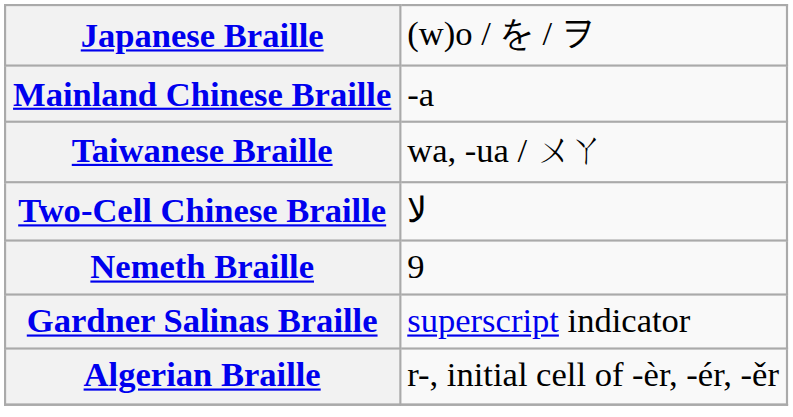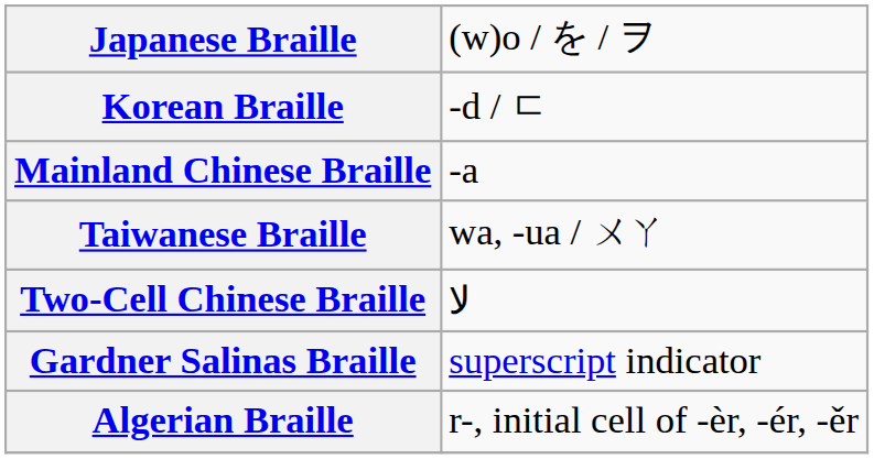 <table class="wikitable">
 <tr>
 <th align=left><a href='#'>Japanese Braille</a></th>
 <td>(w)o / を / ヲ </td>
+</tr>
+<tr>
+<th align=left><a href='#'>Korean Braille</a></th>
+<td>-d / ㄷ </td>
 </tr>
 <tr>
 <th align=left><a href='#'>Mainland Chinese Braille</a></th>
 <td>-a </td>
 </tr>
 <tr>
 <th align=left><a href='#'>Taiwanese Braille</a></th>
 <td>wa, -ua / ㄨㄚ</td>
 </tr>
 <tr>
 <th align=left><a href='#'>Two-Cell Chinese Braille</a></th>
 <td>ﻻ ‎</td>
 </tr>
 <tr>
-<th align=left><a href='#'>Nemeth Braille</a></th>
-<td>9 </td>
-</tr>
-<tr>
 <th align=left><a href='#'>Gardner Salinas Braille</a></th>
 <td><a href='#'>superscript</a> indicator </td>
 </tr>
 <tr>
 <th align=left><a href='#'>Algerian Braille</a></th>
 <td>r-, initial cell of -èr, -ér, -ěr</td>
 </tr>
 <tr>
 </tr>
 </table>
